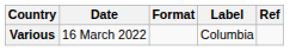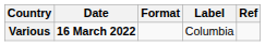 <table class="wikitable plainrowheaders">
 <tr>
 <th>Country</th>
 <th>Date</th>
 <th>Format</th>
 <th>Label</th>
 <th>Ref</th>
 </tr>
 <tr>
 <th scope="row">Various</th>
-<td>16 March 2022</td>
+<td><strong>16 March 2022</strong></td>
 <td></td>
 <td rowspan="2">Columbia</td>
 <td></td>
 </tr>
 </table>
